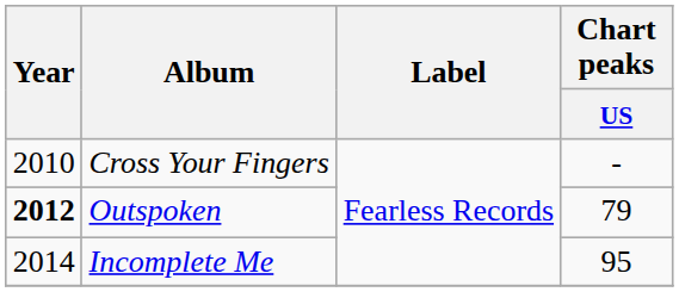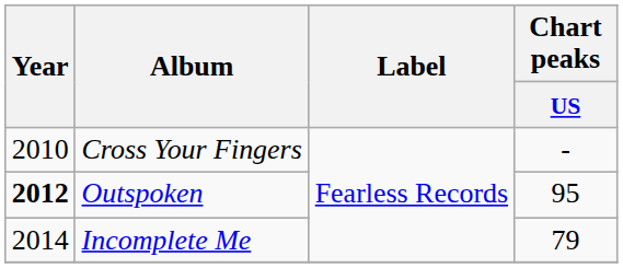 <table class="wikitable">
 <tr>
 <th rowspan="2">Year</th>
 <th rowspan="2">Album</th>
 <th rowspan="2">Label</th>
 <th colspan="1">Chart peaks</th>
 </tr>
 <tr>
 <th style="width:50px;"><small><a href='#'>US</a></small></th>
 </tr>
 <tr>
 <td>2010</td>
 <td><em>Cross Your Fingers</em></td>
 <td rowspan="3"><a href='#'>Fearless Records</a></td>
 <td style="text-align:center;">-</td>
 </tr>
 <tr>
 <td><strong>2012</strong></td>
 <td><em><a href='#'>Outspoken</a></em></td>
-<td style="text-align:center;">79</td>
+<td style="text-align:center;">95</td>
 </tr>
 <tr>
 <td>2014</td>
 <td><em><a href='#'>Incomplete Me</a></em></td>
-<td style="text-align:center;">95</td>
+<td style="text-align:center;">79</td>
 </tr>
 <tr>
 </tr>
 </table>
